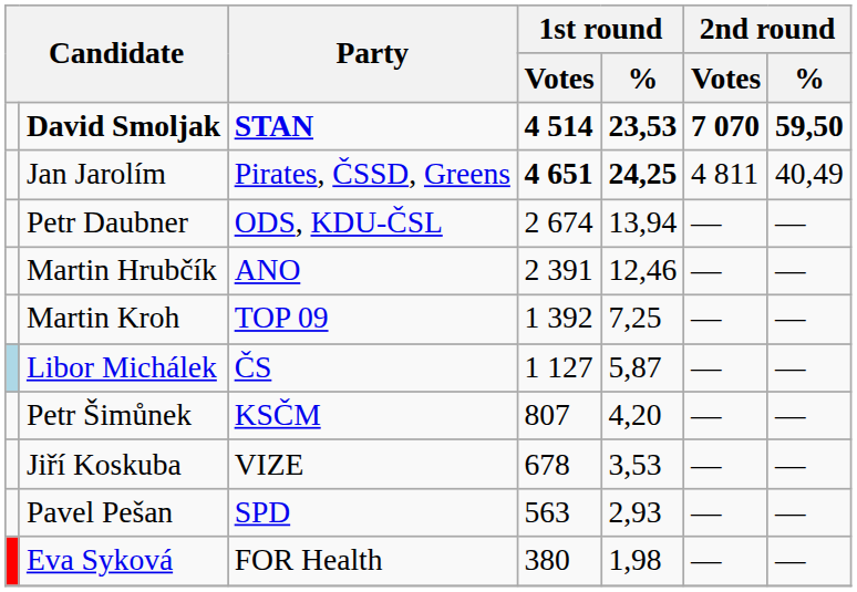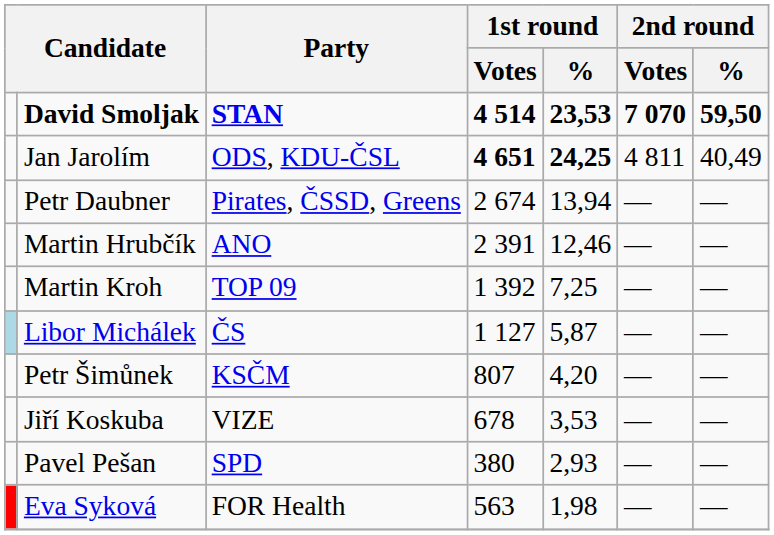 <table class="wikitable sortable">
 <tr>
 <th colspan="2" rowspan="2">Candidate</th>
 <th rowspan="2">Party</th>
 <th colspan="2">1st round</th>
 <th colspan="2">2nd round</th>
 </tr>
 <tr>
 <th>Votes</th>
 <th>%</th>
 <th>Votes</th>
 <th>%</th>
 </tr>
 <tr>
 <td style="background-color:"></td>
 <td><strong>David Smoljak</strong></td>
 <td><strong><a href='#'>STAN</a></strong></td>
 <td><strong>4 514</strong></td>
 <td><strong>23,53</strong></td>
 <td><strong>7 070</strong></td>
 <td><strong>59,50</strong></td>
 </tr>
 <tr>
 <td style="background-color:"></td>
 <td>Jan Jarolím</td>
-<td><a href='#'>Pirates</a>, <a href='#'>ČSSD</a>, <a href='#'>Greens</a></td>
+<td><a href='#'>ODS</a>, <a href='#'>KDU-ČSL</a></td>
 <td><strong>4 651</strong></td>
 <td><strong>24,25</strong></td>
 <td>4 811</td>
 <td>40,49</td>
 </tr>
 <tr>
 <td style="background-color:"></td>
 <td>Petr Daubner</td>
-<td><a href='#'>ODS</a>, <a href='#'>KDU-ČSL</a></td>
+<td><a href='#'>Pirates</a>, <a href='#'>ČSSD</a>, <a href='#'>Greens</a></td>
 <td>2 674</td>
 <td>13,94</td>
 <td>—</td>
 <td>—</td>
 </tr>
 <tr>
 <td style="background-color:"></td>
 <td>Martin Hrubčík</td>
 <td><a href='#'>ANO</a></td>
 <td>2 391</td>
 <td>12,46</td>
 <td>—</td>
 <td>—</td>
 </tr>
 <tr>
 <td style="background-color:"></td>
 <td>Martin Kroh</td>
 <td><a href='#'>TOP 09</a></td>
 <td>1 392</td>
 <td>7,25</td>
 <td>—</td>
 <td>—</td>
 </tr>
 <tr>
 <td style="background-color:lightblue"></td>
 <td><a href='#'>Libor Michálek</a></td>
 <td><a href='#'>ČS</a></td>
 <td>1 127</td>
 <td>5,87</td>
 <td>—</td>
 <td>—</td>
 </tr>
 <tr>
 <td style="background-color:"></td>
 <td>Petr Šimůnek</td>
 <td><a href='#'>KSČM</a></td>
 <td>807</td>
 <td>4,20</td>
 <td>—</td>
 <td>—</td>
 </tr>
 <tr>
 <td style="background-color:"></td>
 <td>Jiří Koskuba</td>
 <td>VIZE</td>
 <td>678</td>
 <td>3,53</td>
 <td>—</td>
 <td>—</td>
 </tr>
 <tr>
 <td style="background-color:"></td>
 <td>Pavel Pešan</td>
 <td><a href='#'>SPD</a></td>
-<td>563</td>
+<td>380</td>
 <td>2,93</td>
 <td>—</td>
 <td>—</td>
 </tr>
 <tr>
 <td style="background-color:red"></td>
 <td><a href='#'>Eva Syková</a></td>
 <td>FOR Health</td>
-<td>380</td>
+<td>563</td>
 <td>1,98</td>
 <td>—</td>
 <td>—</td>
 </tr>
 <tr>
 </tr>
 </table>
